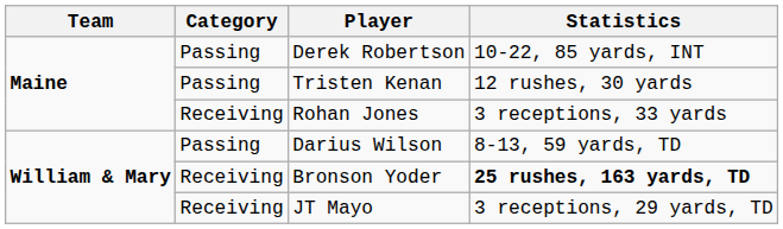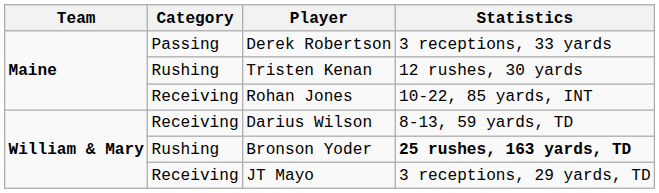 <table class="wikitable" style="float: left;">
 <tr>
 <th>Team</th>
 <th>Category</th>
 <th>Player</th>
 <th>Statistics</th>
 </tr>
 <tr>
 <td rowspan=3><strong>Maine</strong></td>
 <td>Passing</td>
 <td>Derek Robertson</td>
-<td>10-22, 85 yards, INT</td>
+<td>3 receptions, 33 yards</td>
 </tr>
 <tr>
-<td>Passing</td>
+<td>Rushing</td>
 <td>Tristen Kenan</td>
 <td>12 rushes, 30 yards</td>
 </tr>
 <tr>
 <td>Receiving</td>
 <td>Rohan Jones</td>
-<td>3 receptions, 33 yards</td>
+<td>10-22, 85 yards, INT</td>
 </tr>
 <tr>
 <td rowspan=3><strong>William & Mary</strong></td>
-<td>Passing</td>
+<td>Receiving</td>
 <td>Darius Wilson</td>
 <td>8-13, 59 yards, TD</td>
 </tr>
 <tr>
-<td>Receiving</td>
+<td>Rushing</td>
 <td>Bronson Yoder</td>
 <td><strong>25 rushes, 163 yards, TD</strong></td>
 </tr>
 <tr>
 <td>Receiving</td>
 <td>JT Mayo</td>
 <td>3 receptions, 29 yards, TD</td>
 </tr>
 </table>
